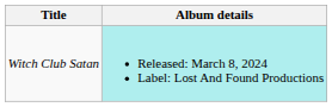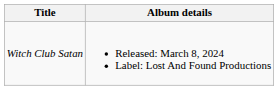 <table class=wikitable>
 <tr>
 <th>Title</th>
 <th>Album details</th>
 </tr>
 <tr>
 <td><em>Witch Club Satan</em></td>
-<td style="background: paleturquoise;"><br><ul><li>Released: March 8, 2024</li><li>Label: Lost And Found Productions</li></ul></td>
+<td><br><ul><li>Released: March 8, 2024</li><li>Label: Lost And Found Productions</li></ul></td>
 </tr>
 </table>
